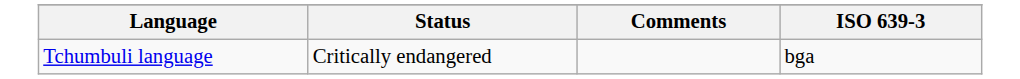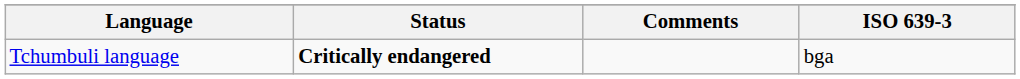 <table class="wikitable" style="margin:auto; font-size:90%;">
 <tr>
 </tr>
 <tr>
 <th style="width:20%;">Language</th>
 <th style="width:20%;">Status</th>
 <th style="width:15%;">Comments</th>
 <th style="width:15%;">ISO 639-3</th>
 </tr>
 <tr>
 <td><a href='#'>Tchumbuli language</a></td>
-<td>Critically endangered</td>
+<td><strong>Critically endangered</strong></td>
 <td> </td>
 <td>bga</td>
 </tr>
 </table>
